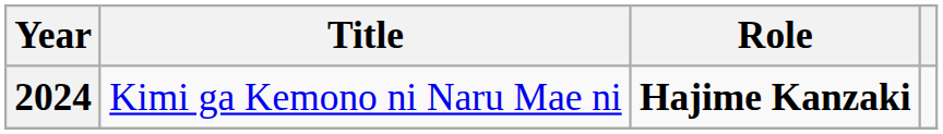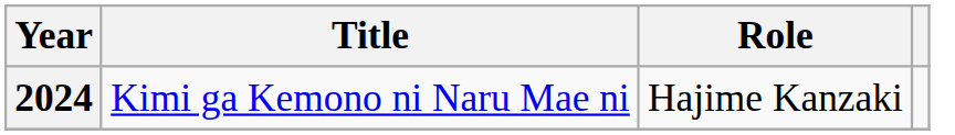 <table class="wikitable">
 <tr>
 <th>Year</th>
 <th>Title</th>
 <th>Role</th>
 <th></th>
 </tr>
 <tr>
 <th>2024</th>
 <td><a href='#'>Kimi ga Kemono ni Naru Mae ni</a></td>
-<td><strong>Hajime Kanzaki</strong></td>
+<td>Hajime Kanzaki</td>
 <td></td>
 </tr>
 <tr>
 </tr>
 </table>
